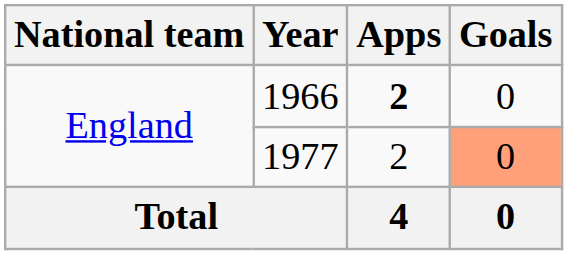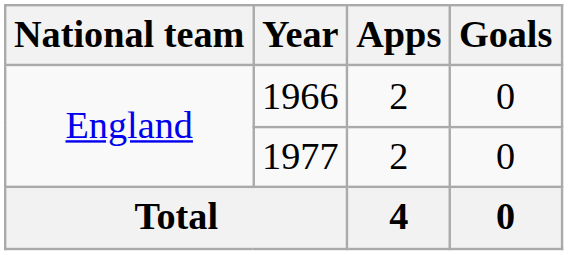 <table class="wikitable" style="text-align: center;">
 <tr>
 <th>National team</th>
 <th>Year</th>
 <th>Apps</th>
 <th>Goals</th>
 </tr>
 <tr>
 <td rowspan="2"><a href='#'>England</a></td>
 <td>1966</td>
-<td><strong>2</strong></td>
+<td>2</td>
 <td>0</td>
 </tr>
 <tr>
 <td>1977</td>
 <td>2</td>
-<td style="background: lightsalmon;">0</td>
+<td>0</td>
 </tr>
 <tr>
 <th colspan="2">Total</th>
 <th>4</th>
 <th>0</th>
 </tr>
 </table>
